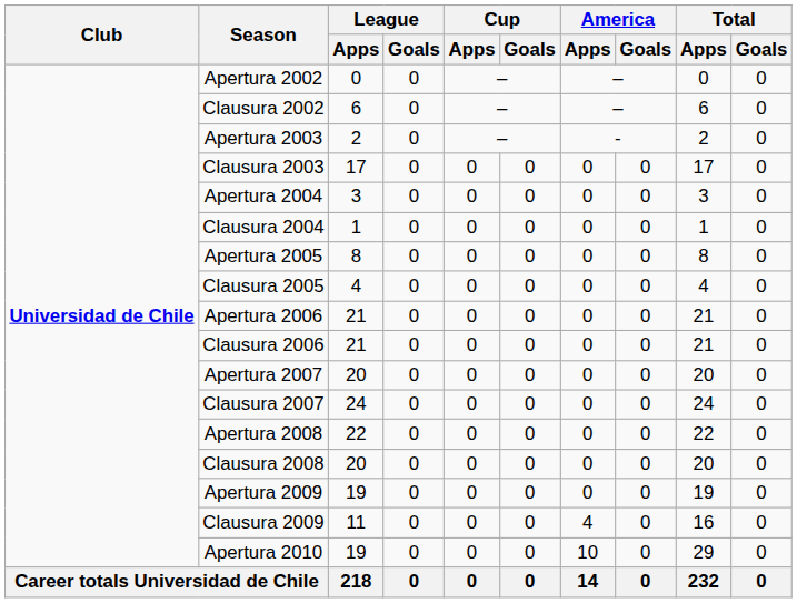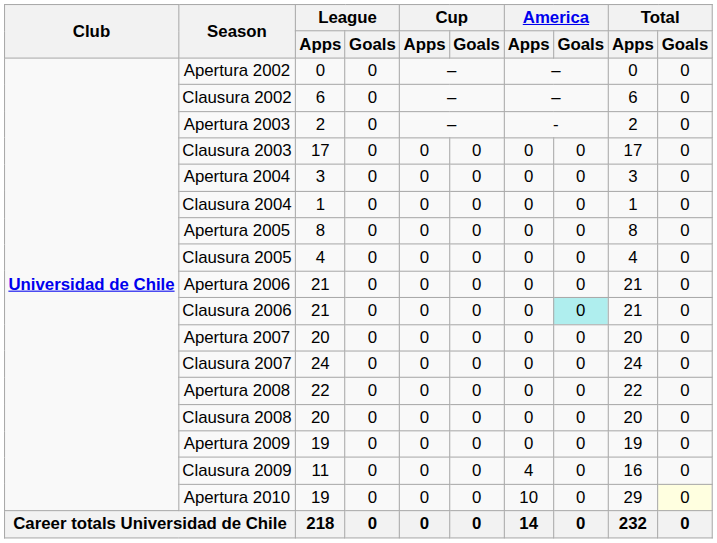 <table class="wikitable" style="text-align: center;">
 <tr>
 <th rowspan="2">Club</th>
 <th rowspan="2">Season</th>
 <th colspan="2">League</th>
 <th colspan="2">Cup</th>
 <th colspan="2"><a href='#'>America</a></th>
 <th colspan="2">Total</th>
 </tr>
 <tr>
 <th>Apps</th>
 <th>Goals</th>
 <th>Apps</th>
 <th>Goals</th>
 <th>Apps</th>
 <th>Goals</th>
 <th>Apps</th>
 <th>Goals</th>
 </tr>
 <tr>
 <td rowspan="17" style="text-align:center;"><strong><a href='#'>Universidad de Chile</a></strong></td>
 <td !colspan="2">Apertura 2002</td>
 <td>0</td>
 <td>0</td>
 <td colspan="2">–</td>
 <td colspan="2">–</td>
 <td>0</td>
 <td>0</td>
 </tr>
 <tr>
 <td !colspan="2">Clausura 2002</td>
 <td>6</td>
 <td>0</td>
 <td colspan="2">–</td>
 <td colspan="2">–</td>
 <td>6</td>
 <td>0</td>
 </tr>
 <tr>
 <td !colspan="2">Apertura 2003</td>
 <td>2</td>
 <td>0</td>
 <td colspan="2">–</td>
 <td colspan="2">-</td>
 <td>2</td>
 <td>0</td>
 </tr>
 <tr>
 <td !colspan="2">Clausura 2003</td>
 <td>17</td>
 <td>0</td>
 <td>0</td>
 <td>0</td>
 <td>0</td>
 <td>0</td>
 <td>17</td>
 <td>0</td>
 </tr>
 <tr>
 <td !colspan="2">Apertura 2004</td>
 <td>3</td>
 <td>0</td>
 <td>0</td>
 <td>0</td>
 <td>0</td>
 <td>0</td>
 <td>3</td>
 <td>0</td>
 </tr>
 <tr>
 <td !colspan="2">Clausura 2004</td>
 <td>1</td>
 <td>0</td>
 <td>0</td>
 <td>0</td>
 <td>0</td>
 <td>0</td>
 <td>1</td>
 <td>0</td>
 </tr>
 <tr>
 <td !colspan="2">Apertura 2005</td>
 <td>8</td>
 <td>0</td>
 <td>0</td>
 <td>0</td>
 <td>0</td>
 <td>0</td>
 <td>8</td>
 <td>0</td>
 </tr>
 <tr>
 <td !colspan="2">Clausura 2005</td>
 <td>4</td>
 <td>0</td>
 <td>0</td>
 <td>0</td>
 <td>0</td>
 <td>0</td>
 <td>4</td>
 <td>0</td>
 </tr>
 <tr>
 <td !colspan="2">Apertura 2006</td>
 <td>21</td>
 <td>0</td>
 <td>0</td>
 <td>0</td>
 <td>0</td>
 <td>0</td>
 <td>21</td>
 <td>0</td>
 </tr>
 <tr>
 <td !colspan="2">Clausura 2006</td>
 <td>21</td>
 <td>0</td>
 <td>0</td>
 <td>0</td>
 <td>0</td>
-<td>0</td>
+<td style="background: paleturquoise;">0</td>
 <td>21</td>
 <td>0</td>
 </tr>
 <tr>
 <td !colspan="2">Apertura 2007</td>
 <td>20</td>
 <td>0</td>
 <td>0</td>
 <td>0</td>
 <td>0</td>
 <td>0</td>
 <td>20</td>
 <td>0</td>
 </tr>
 <tr>
 <td !colspan="2">Clausura 2007</td>
 <td>24</td>
 <td>0</td>
 <td>0</td>
 <td>0</td>
 <td>0</td>
 <td>0</td>
 <td>24</td>
 <td>0</td>
 </tr>
 <tr>
 <td !colspan="2">Apertura 2008</td>
 <td>22</td>
 <td>0</td>
 <td>0</td>
 <td>0</td>
 <td>0</td>
 <td>0</td>
 <td>22</td>
 <td>0</td>
 </tr>
 <tr>
 <td !colspan="2">Clausura 2008</td>
 <td>20</td>
 <td>0</td>
 <td>0</td>
 <td>0</td>
 <td>0</td>
 <td>0</td>
 <td>20</td>
 <td>0</td>
 </tr>
 <tr>
 <td !colspan="2">Apertura 2009</td>
 <td>19</td>
 <td>0</td>
 <td>0</td>
 <td>0</td>
 <td>0</td>
 <td>0</td>
 <td>19</td>
 <td>0</td>
 </tr>
 <tr>
 <td !colspan="2">Clausura 2009</td>
 <td>11</td>
 <td>0</td>
 <td>0</td>
 <td>0</td>
 <td>4</td>
 <td>0</td>
 <td>16</td>
 <td>0</td>
 </tr>
 <tr>
 <td !colspan="2">Apertura 2010</td>
 <td>19</td>
 <td>0</td>
 <td>0</td>
 <td>0</td>
 <td>10</td>
 <td>0</td>
 <td>29</td>
-<td>0</td>
+<td style="background: lightyellow;">0</td>
 </tr>
 <tr>
 <th colspan="2">Career totals Universidad de Chile</th>
 <th>218</th>
 <th>0</th>
 <th>0</th>
 <th>0</th>
 <th>14</th>
 <th>0</th>
 <th>232</th>
 <th>0</th>
 </tr>
 </table>
